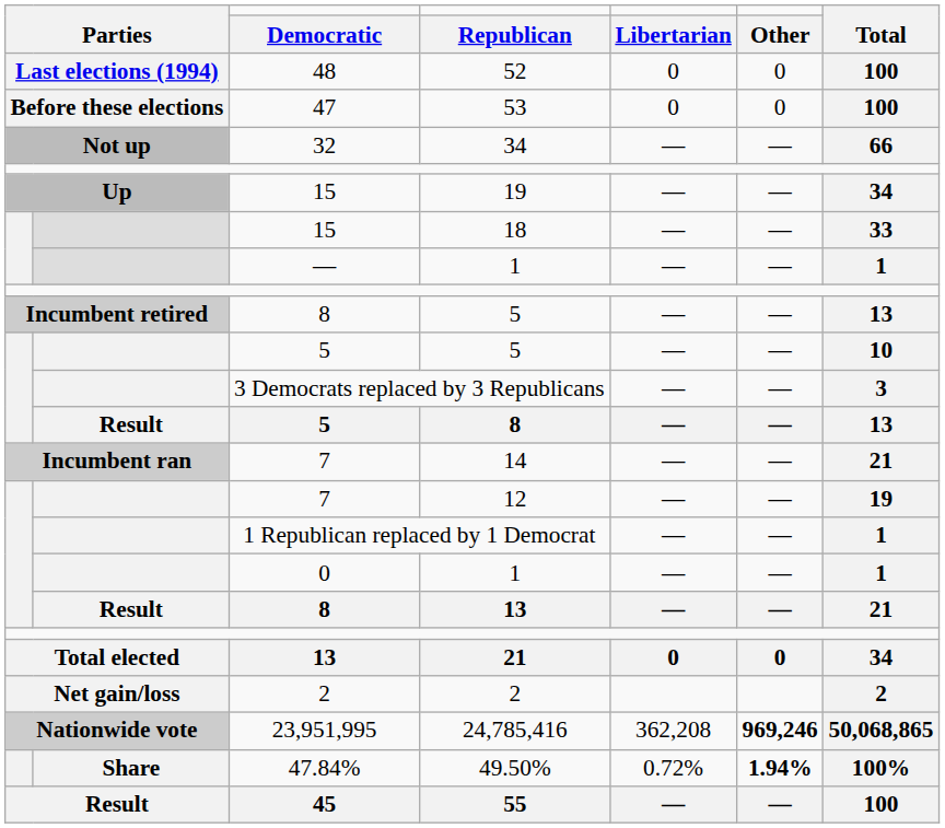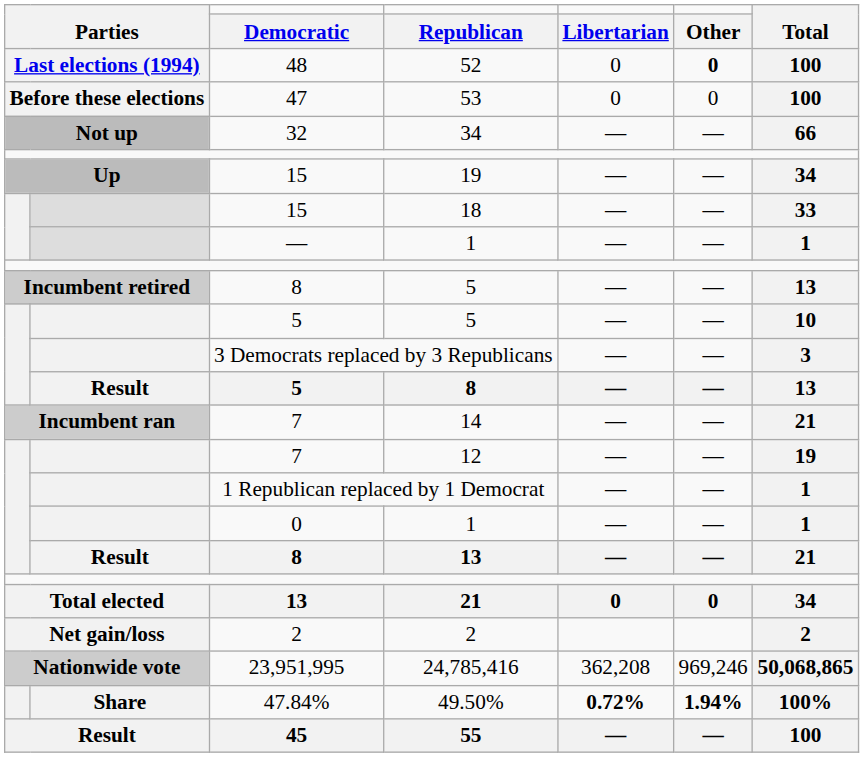 <table class=wikitable style=text-align:center>
 <tr valign=bottom>
 <th rowspan=2 colspan=2>Parties</th>
 <td style="background-color:"></td>
 <td style="background-color:"></td>
 <td style="background-color:"></td>
 <td style="background-color:"></td>
 <th rowspan=2>Total</th>
 </tr>
 <tr valign=bottom>
 <th><a href='#'>Democratic</a></th>
 <th><a href='#'>Republican</a></th>
 <th><a href='#'>Libertarian</a></th>
 <th>Other</th>
 </tr>
 <tr>
 <th colspan=2><a href='#'>Last elections (1994)</a></th>
 <td>48</td>
 <td>52</td>
 <td>0</td>
-<td>0</td>
+<td><strong>0</strong></td>
 <th>100</th>
 </tr>
 <tr>
 <th colspan=2 class=small>Before these elections</th>
 <td>47</td>
 <td>53</td>
 <td>0</td>
 <td>0</td>
 <th>100</th>
 </tr>
 <tr>
 <th colspan=2 style="background:#bbb">Not up</th>
 <td>32</td>
 <td>34</td>
 <td>—</td>
 <td>—</td>
 <th>66</th>
 </tr>
 <tr>
 <td colspan=100></td>
 </tr>
 <tr>
 <th colspan=2 style="background:#bbb">Up</th>
 <td>15</td>
 <td>19</td>
 <td>—</td>
 <td>—</td>
 <th>34</th>
 </tr>
 <tr>
 <th rowspan=2></th>
 <th style="background:#ddd"></th>
 <td>15</td>
 <td>18</td>
 <td>—</td>
 <td>—</td>
 <th>33</th>
 </tr>
 <tr>
 <th style="background:#ddd"></th>
 <td>—</td>
 <td>1</td>
 <td>—</td>
 <td>—</td>
 <th>1</th>
 </tr>
 <tr>
 <td colspan=100></td>
 </tr>
 <tr>
 <th colspan=2 style="background:#ccc">Incumbent retired</th>
 <td>8</td>
 <td>5</td>
 <td>—</td>
 <td>—</td>
 <th>13</th>
 </tr>
 <tr>
 <th rowspan=3></th>
 <th></th>
 <td>5</td>
 <td>5</td>
 <td>—</td>
 <td>—</td>
 <th>10</th>
 </tr>
 <tr>
 <th></th>
 <td colspan=2 >3 Democrats replaced by 3 Republicans</td>
 <td>—</td>
 <td>—</td>
 <th>3</th>
 </tr>
 <tr>
 <th>Result</th>
 <th>5</th>
 <th>8</th>
 <th>—</th>
 <th>—</th>
 <th>13</th>
 </tr>
 <tr>
 <th colspan=2 style="background:#ccc">Incumbent ran</th>
 <td>7</td>
 <td>14</td>
 <td>—</td>
 <td>—</td>
 <th>21</th>
 </tr>
 <tr>
 <th rowspan=4></th>
 <th></th>
 <td>7</td>
 <td>12</td>
 <td>—</td>
 <td>—</td>
 <th>19</th>
 </tr>
 <tr>
 <th></th>
 <td colspan=2 >1 Republican replaced by 1 Democrat</td>
 <td>—</td>
 <td>—</td>
 <th>1</th>
 </tr>
 <tr>
 <th></th>
 <td>0</td>
 <td>1</td>
 <td>—</td>
 <td>—</td>
 <th>1</th>
 </tr>
 <tr>
 <th>Result</th>
 <th>8</th>
 <th>13</th>
 <th>—</th>
 <th>—</th>
 <th>21</th>
 </tr>
 <tr>
 <td colspan=100></td>
 </tr>
 <tr>
 <th colspan=2>Total elected</th>
 <th>13</th>
 <th>21</th>
 <th>0</th>
 <th>0</th>
 <th>34</th>
 </tr>
 <tr>
 <th colspan=2>Net gain/loss</th>
 <td> 2</td>
 <td> 2</td>
 <td></td>
 <td></td>
 <th>2</th>
 </tr>
 <tr>
 <th colspan=2 style="background:#ccc">Nationwide vote</th>
 <td>23,951,995</td>
 <td>24,785,416</td>
 <td>362,208</td>
-<td><strong>969,246</strong></td>
+<td>969,246</td>
 <th>50,068,865</th>
 </tr>
 <tr>
 <th></th>
 <th>Share</th>
 <td>47.84%</td>
 <td>49.50%</td>
-<td>0.72%</td>
+<td><strong>0.72%</strong></td>
 <td><strong>1.94%</strong></td>
 <th>100%<br></th>
 </tr>
 <tr>
 <th colspan=2>Result</th>
 <th>45</th>
 <th>55</th>
 <th>—</th>
 <th>—</th>
 <th>100</th>
 </tr>
 </table>
